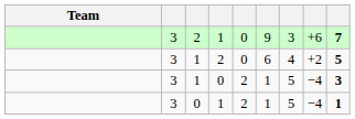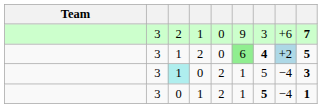 <table class="wikitable" style="text-align:center;">
 <tr>
 <th width="175">Team</th>
 <th width="20"></th>
 <th width="20"></th>
 <th width="20"></th>
 <th width="20"></th>
 <th width="20"></th>
 <th width="20"></th>
 <th width="20"></th>
 <th width="20"></th>
 </tr>
 <tr bgcolor=ccffcc>
 <td align="left"></td>
 <td>3</td>
 <td>2</td>
 <td>1</td>
 <td>0</td>
 <td>9</td>
 <td>3</td>
 <td>+6</td>
 <td><strong>7</strong></td>
 </tr>
 <tr>
 <td align="left"></td>
 <td>3</td>
 <td>1</td>
 <td>2</td>
 <td>0</td>
-<td>6</td>
-<td>4</td>
-<td>+2</td>
+<td style="background: lightgreen;">6</td>
+<td><strong>4</strong></td>
+<td style="background: lightblue;">+2</td>
 <td><strong>5</strong></td>
 </tr>
 <tr>
 <td align="left"></td>
 <td>3</td>
-<td>1</td>
+<td style="background: paleturquoise;">1</td>
 <td>0</td>
 <td>2</td>
 <td>1</td>
 <td>5</td>
 <td>−4</td>
 <td><strong>3</strong></td>
 </tr>
 <tr>
 <td align="left"></td>
 <td>3</td>
 <td>0</td>
 <td>1</td>
 <td>2</td>
 <td>1</td>
-<td>5</td>
+<td><strong>5</strong></td>
 <td>−4</td>
 <td><strong>1</strong></td>
 </tr>
 </table>
